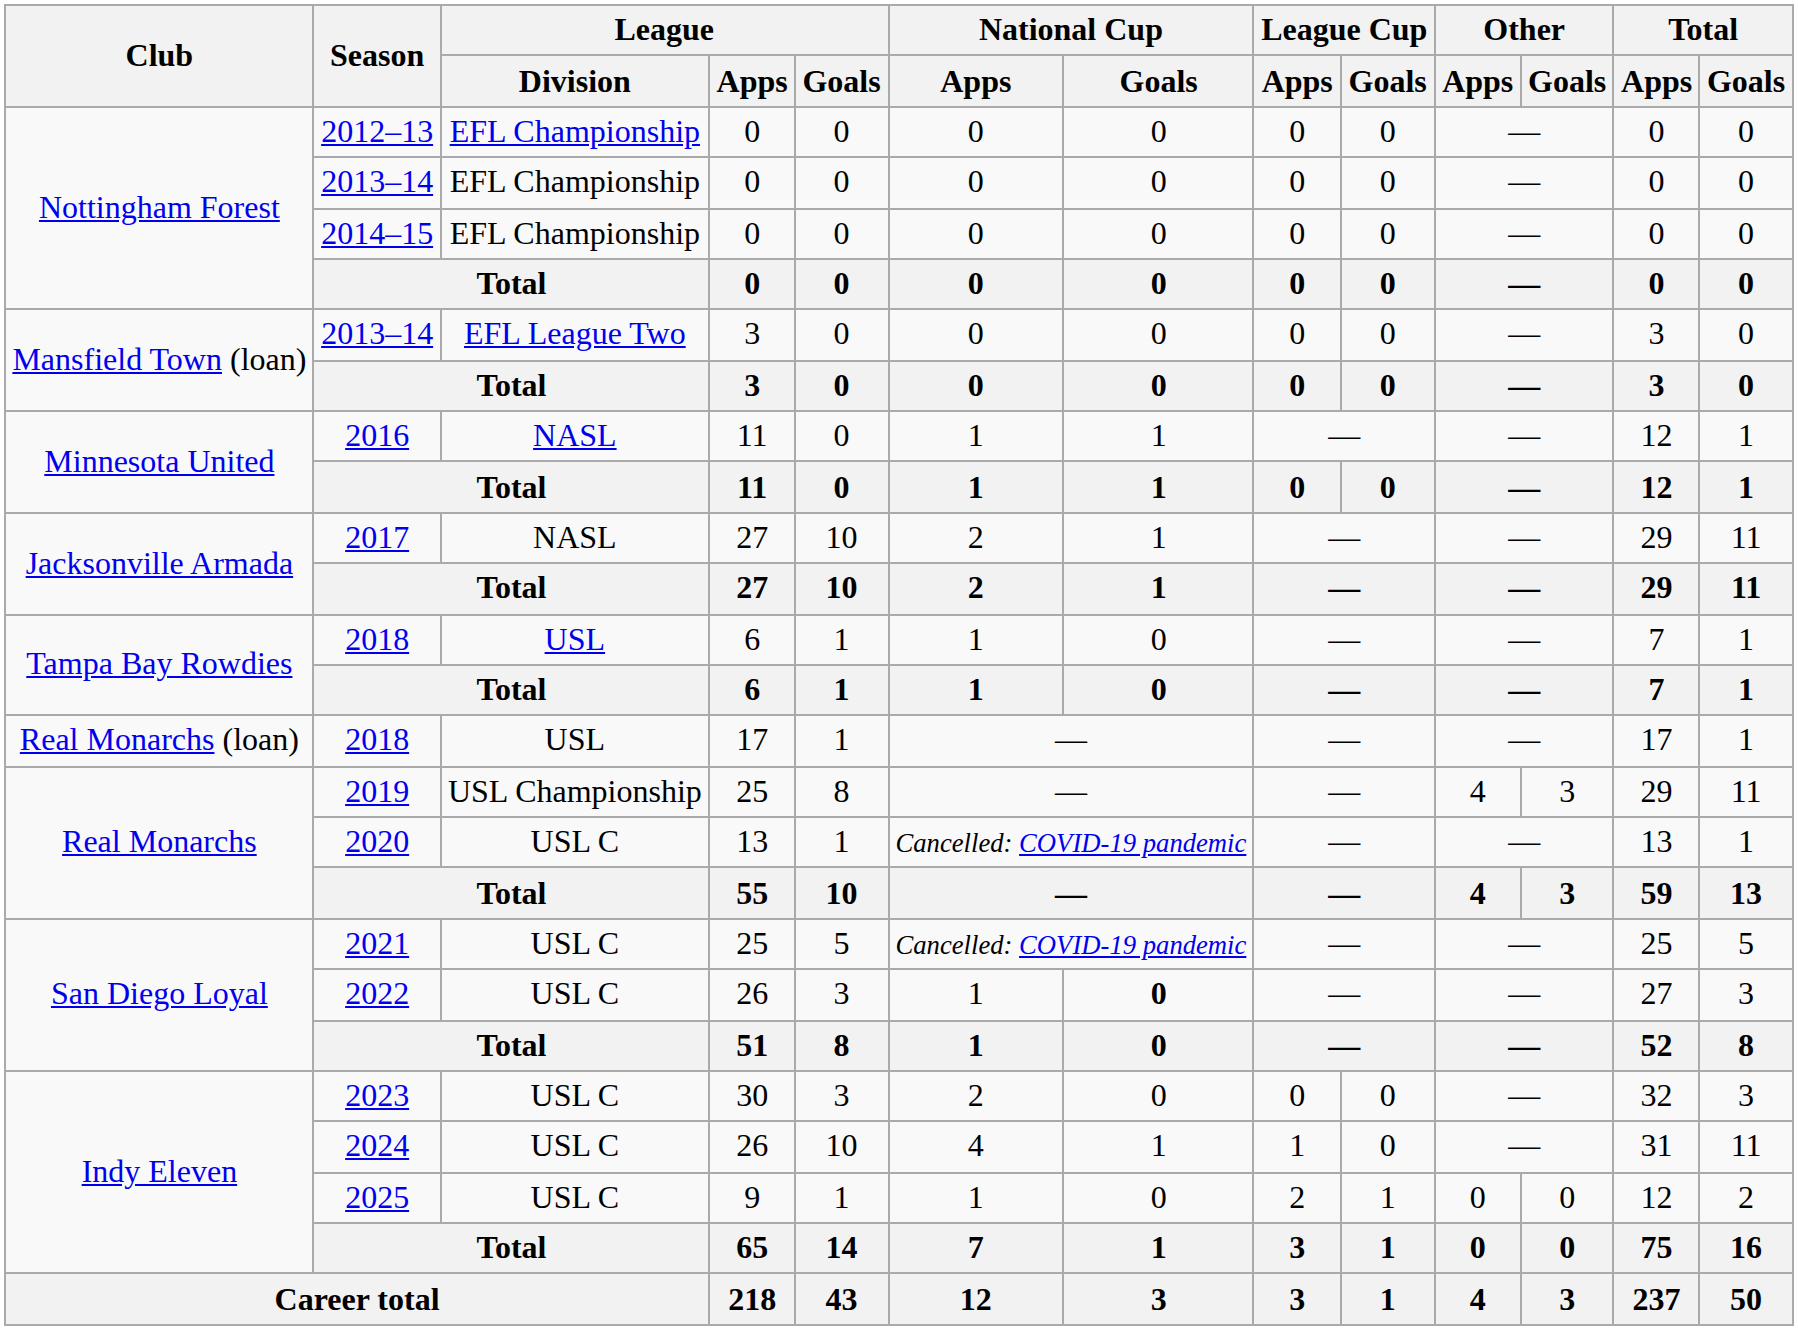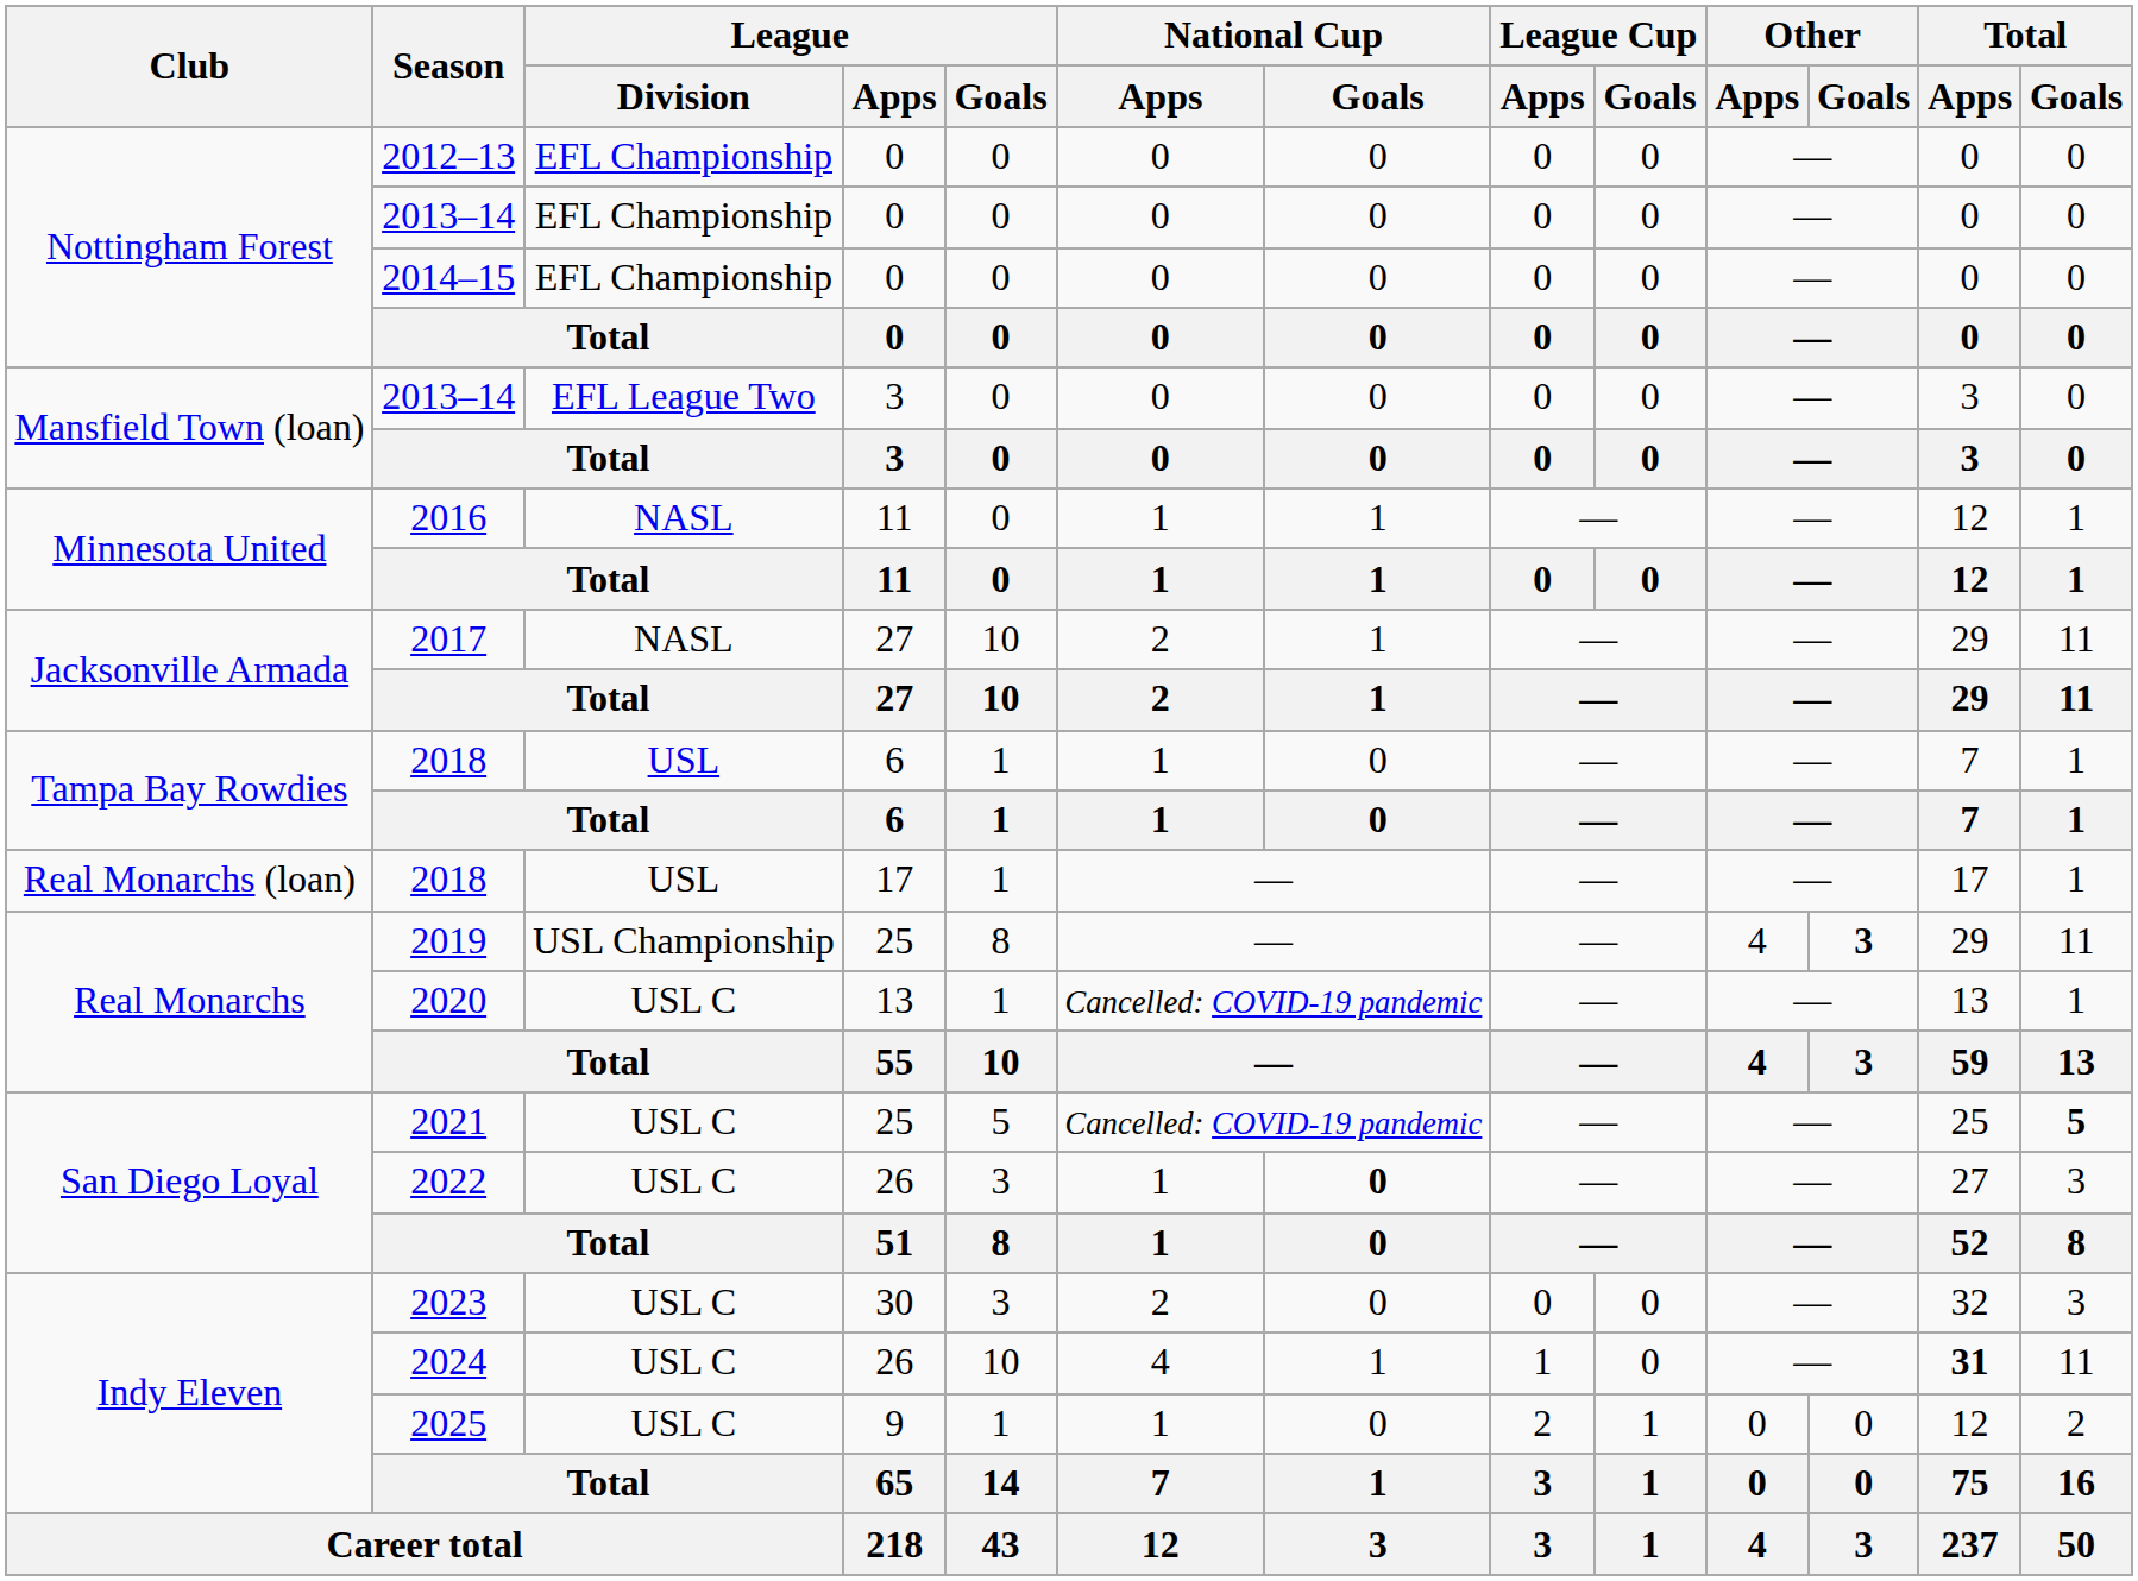 <table class="wikitable" style="text-align: center">
 <tr>
 <th rowspan="2">Club</th>
 <th rowspan="2">Season</th>
 <th colspan="3">League</th>
 <th colspan="2">National Cup</th>
 <th colspan="2">League Cup</th>
 <th colspan="2">Other</th>
 <th colspan="2">Total</th>
 </tr>
 <tr>
 <th>Division</th>
 <th>Apps</th>
 <th>Goals</th>
 <th>Apps</th>
 <th>Goals</th>
 <th>Apps</th>
 <th>Goals</th>
 <th>Apps</th>
 <th>Goals</th>
 <th>Apps</th>
 <th>Goals</th>
 </tr>
 <tr>
 <td rowspan="4"><a href='#'>Nottingham Forest</a></td>
 <td><a href='#'>2012–13</a></td>
 <td><a href='#'>EFL Championship</a></td>
 <td>0</td>
 <td>0</td>
 <td>0</td>
 <td>0</td>
 <td>0</td>
 <td>0</td>
 <td colspan="2">—</td>
 <td>0</td>
 <td>0</td>
 </tr>
 <tr>
 <td><a href='#'>2013–14</a></td>
 <td>EFL Championship</td>
 <td>0</td>
 <td>0</td>
 <td>0</td>
 <td>0</td>
 <td>0</td>
 <td>0</td>
 <td colspan="2">—</td>
 <td>0</td>
 <td>0</td>
 </tr>
 <tr>
 <td><a href='#'>2014–15</a></td>
 <td>EFL Championship</td>
 <td>0</td>
 <td>0</td>
 <td>0</td>
 <td>0</td>
 <td>0</td>
 <td>0</td>
 <td colspan="2">—</td>
 <td>0</td>
 <td>0</td>
 </tr>
 <tr>
 <th colspan="2">Total</th>
 <th>0</th>
 <th>0</th>
 <th>0</th>
 <th>0</th>
 <th>0</th>
 <th>0</th>
 <th colspan="2">—</th>
 <th>0</th>
 <th>0</th>
 </tr>
 <tr>
 <td rowspan="2"><a href='#'>Mansfield Town</a> (loan)</td>
 <td><a href='#'>2013–14</a></td>
 <td><a href='#'>EFL League Two</a></td>
 <td>3</td>
 <td>0</td>
 <td>0</td>
 <td>0</td>
 <td>0</td>
 <td>0</td>
 <td colspan="2">—</td>
 <td>3</td>
 <td>0</td>
 </tr>
 <tr>
 <th colspan="2">Total</th>
 <th>3</th>
 <th>0</th>
 <th>0</th>
 <th>0</th>
 <th>0</th>
 <th>0</th>
 <th colspan="2">—</th>
 <th>3</th>
 <th>0</th>
 </tr>
 <tr>
 <td rowspan="2"><a href='#'>Minnesota United</a></td>
 <td><a href='#'>2016</a></td>
 <td><a href='#'>NASL</a></td>
 <td>11</td>
 <td>0</td>
 <td>1</td>
 <td>1</td>
 <td colspan="2">—</td>
 <td colspan="2">—</td>
 <td>12</td>
 <td>1</td>
 </tr>
 <tr>
 <th colspan="2">Total</th>
 <th>11</th>
 <th>0</th>
 <th>1</th>
 <th>1</th>
 <th>0</th>
 <th>0</th>
 <th colspan="2">—</th>
 <th>12</th>
 <th>1</th>
 </tr>
 <tr>
 <td rowspan="2"><a href='#'>Jacksonville Armada</a></td>
 <td><a href='#'>2017</a></td>
 <td>NASL</td>
 <td>27</td>
 <td>10</td>
 <td>2</td>
 <td>1</td>
 <td colspan="2">—</td>
 <td colspan="2">—</td>
 <td>29</td>
 <td>11</td>
 </tr>
 <tr>
 <th colspan="2">Total</th>
 <th>27</th>
 <th>10</th>
 <th>2</th>
 <th>1</th>
 <th colspan="2">—</th>
 <th colspan="2">—</th>
 <th>29</th>
 <th>11</th>
 </tr>
 <tr>
 <td rowspan="2"><a href='#'>Tampa Bay Rowdies</a></td>
 <td><a href='#'>2018</a></td>
 <td><a href='#'>USL</a></td>
 <td>6</td>
 <td>1</td>
 <td>1</td>
 <td>0</td>
 <td colspan="2">—</td>
 <td colspan="2">—</td>
 <td>7</td>
 <td>1</td>
 </tr>
 <tr>
 <th colspan="2">Total</th>
 <th>6</th>
 <th>1</th>
 <th>1</th>
 <th>0</th>
 <th colspan="2">—</th>
 <th colspan="2">—</th>
 <th>7</th>
 <th>1</th>
 </tr>
 <tr>
 <td><a href='#'>Real Monarchs</a> (loan)</td>
 <td><a href='#'>2018</a></td>
 <td>USL</td>
 <td>17</td>
 <td>1</td>
 <td colspan="2">—</td>
 <td colspan="2">—</td>
 <td colspan="2">—</td>
 <td>17</td>
 <td>1</td>
 </tr>
 <tr>
 <td rowspan="3"><a href='#'>Real Monarchs</a></td>
 <td><a href='#'>2019</a></td>
 <td>USL Championship</td>
 <td>25</td>
 <td>8</td>
 <td colspan="2">—</td>
 <td colspan="2">—</td>
 <td>4</td>
-<td>3</td>
+<td><strong>3</strong></td>
 <td>29</td>
 <td>11</td>
 </tr>
 <tr>
 <td><a href='#'>2020</a></td>
 <td>USL C</td>
 <td>13</td>
 <td>1</td>
 <td colspan="2"><em><small>Cancelled: <a href='#'>COVID-19 pandemic</a></small></em></td>
 <td colspan="2">—</td>
 <td colspan="2">—</td>
 <td>13</td>
 <td>1</td>
 </tr>
 <tr>
 <th colspan="2">Total</th>
 <th>55</th>
 <th>10</th>
 <th colspan="2">—</th>
 <th colspan="2">—</th>
 <th>4</th>
 <th>3</th>
 <th>59</th>
 <th>13</th>
 </tr>
 <tr>
 <td rowspan="3"><a href='#'>San Diego Loyal</a></td>
 <td><a href='#'>2021</a></td>
 <td>USL C</td>
 <td>25</td>
 <td>5</td>
 <td colspan="2"><em><small>Cancelled: <a href='#'>COVID-19 pandemic</a></small></em></td>
 <td colspan="2">—</td>
 <td colspan="2">—</td>
 <td>25</td>
-<td>5</td>
+<td><strong>5</strong></td>
 </tr>
 <tr>
 <td><a href='#'>2022</a></td>
 <td>USL C</td>
 <td>26</td>
 <td>3</td>
 <td>1</td>
 <td><strong>0</strong></td>
 <td colspan="2">—</td>
 <td colspan="2">—</td>
 <td>27</td>
 <td>3</td>
 </tr>
 <tr>
 <th colspan="2">Total</th>
 <th>51</th>
 <th>8</th>
 <th>1</th>
 <th>0</th>
 <th colspan="2">—</th>
 <th colspan="2">—</th>
 <th>52</th>
 <th>8</th>
 </tr>
 <tr>
 <td rowspan="4"><a href='#'>Indy Eleven</a></td>
 <td><a href='#'>2023</a></td>
 <td>USL C</td>
 <td>30</td>
 <td>3</td>
 <td>2</td>
 <td>0</td>
 <td>0</td>
 <td>0</td>
 <td colspan="2">—</td>
 <td>32</td>
 <td>3</td>
 </tr>
 <tr>
 <td><a href='#'>2024</a></td>
 <td>USL C</td>
 <td>26</td>
 <td>10</td>
 <td>4</td>
 <td>1</td>
 <td>1</td>
 <td>0</td>
 <td colspan="2">—</td>
-<td>31</td>
+<td><strong>31</strong></td>
 <td>11</td>
 </tr>
 <tr>
 <td><a href='#'>2025</a></td>
 <td>USL C</td>
 <td>9</td>
 <td>1</td>
 <td>1</td>
 <td>0</td>
 <td>2</td>
 <td>1</td>
 <td>0</td>
 <td>0</td>
 <td>12</td>
 <td>2</td>
 </tr>
 <tr>
 <th colspan="2">Total</th>
 <th>65</th>
 <th>14</th>
 <th>7</th>
 <th>1</th>
 <th>3</th>
 <th>1</th>
 <th>0</th>
 <th>0</th>
 <th>75</th>
 <th>16</th>
 </tr>
 <tr>
 <th colspan="3">Career total</th>
 <th>218</th>
 <th>43</th>
 <th>12</th>
 <th>3</th>
 <th>3</th>
 <th>1</th>
 <th>4</th>
 <th>3</th>
 <th>237</th>
 <th>50</th>
 </tr>
 </table>
